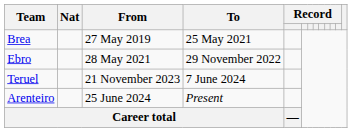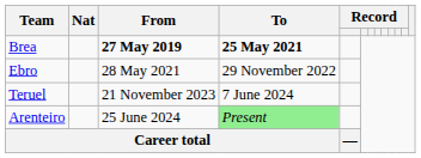 <table class="wikitable" style="text-align: center">
 <tr>
 <th rowspan="2">Team</th>
 <th rowspan="2">Nat</th>
 <th rowspan="2">From</th>
 <th rowspan="2">To</th>
 <th colspan="8">Record</th>
 <th rowspan=2></th>
 </tr>
 <tr>
 <th></th>
 <th></th>
 <th></th>
 <th></th>
 <th></th>
 <th></th>
 <th></th>
 <th></th>
 </tr>
 <tr>
 <td align="left"><a href='#'>Brea</a></td>
 <td></td>
-<td align=left>27 May 2019</td>
-<td align=left>25 May 2021<br></td>
+<td align=left><strong>27 May 2019</strong></td>
+<td align=left><strong>25 May 2021<br></strong></td>
 <td></td>
 </tr>
 <tr>
 <td align="left"><a href='#'>Ebro</a></td>
 <td></td>
 <td align=left>28 May 2021</td>
 <td align=left>29 November 2022<br></td>
 <td></td>
 </tr>
 <tr>
 <td align="left"><a href='#'>Teruel</a></td>
 <td></td>
 <td align=left>21 November 2023</td>
 <td align=left>7 June 2024<br></td>
 <td></td>
 </tr>
 <tr>
 <td align="left"><a href='#'>Arenteiro</a></td>
 <td></td>
 <td align=left>25 June 2024</td>
-<td align=left><em>Present</em><br></td>
+<td align=left style="background: lightgreen;"><em>Present</em><br></td>
 <td></td>
 </tr>
 <tr>
 <th colspan="4">Career total<br></th>
 <th>—</th>
 </tr>
 </table>
